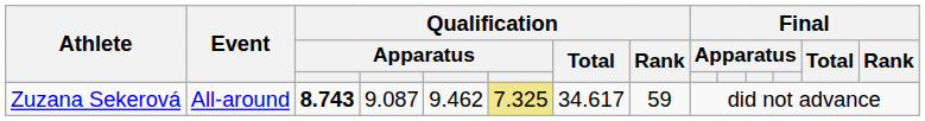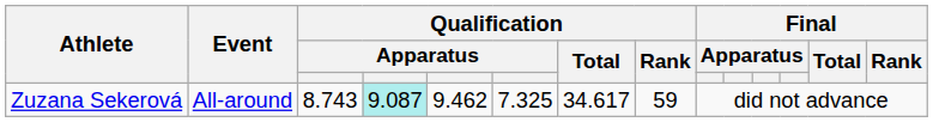 <table class="wikitable" style="font-size:90%">
 <tr>
 <th rowspan=3>Athlete</th>
 <th rowspan=3>Event</th>
 <th colspan=6>Qualification</th>
 <th colspan=6>Final</th>
 </tr>
 <tr style="font-size:95%">
 <th colspan=4>Apparatus</th>
 <th rowspan=2>Total</th>
 <th rowspan=2>Rank</th>
 <th colspan=4>Apparatus</th>
 <th rowspan=2>Total</th>
 <th rowspan=2>Rank</th>
 </tr>
 <tr style="font-size:95%">
 <th></th>
 <th></th>
 <th></th>
 <th></th>
 <th></th>
 <th></th>
 <th></th>
 <th></th>
 </tr>
 <tr align=center>
 <td align=left><a href='#'>Zuzana Sekerová</a></td>
 <td align=left><a href='#'>All-around</a></td>
-<td><strong>8.743</strong></td>
-<td>9.087</td>
+<td>8.743</td>
+<td style="background: paleturquoise;">9.087</td>
 <td>9.462</td>
-<td style="background: khaki;">7.325</td>
+<td>7.325</td>
 <td>34.617</td>
 <td>59</td>
 <td colspan=6>did not advance</td>
 </tr>
 </table>
